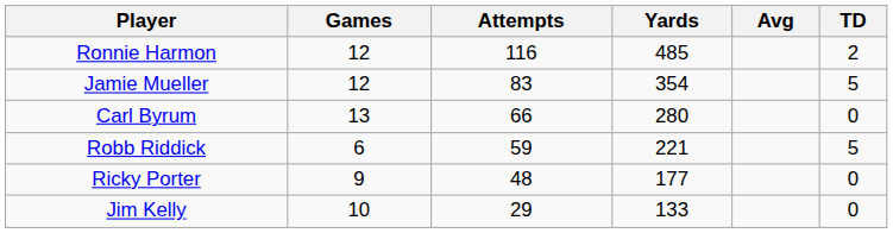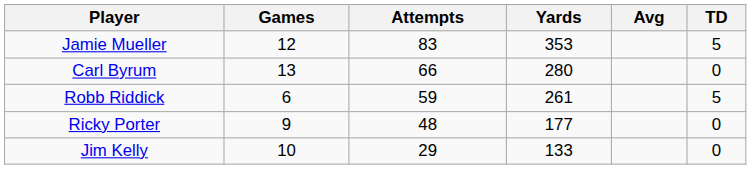 <table class="wikitable" style="width:80%;">
 <tr>
 <th>Player</th>
 <th>Games</th>
 <th>Attempts</th>
 <th>Yards</th>
 <th>Avg</th>
 <th>TD</th>
 </tr>
 <tr style="text-align:center;" bgcolor="">
-<td><a href='#'>Ronnie Harmon</a></td>
-<td>12</td>
-<td>116</td>
-<td>485</td>
-<td></td>
-<td>2</td>
-</tr>
-<tr style="text-align:center;" bgcolor="">
 <td><a href='#'>Jamie Mueller</a></td>
 <td>12</td>
 <td>83</td>
-<td>354</td>
+<td>353</td>
 <td></td>
 <td>5</td>
 </tr>
 <tr style="text-align:center;" bgcolor="">
 <td><a href='#'>Carl Byrum</a></td>
 <td>13</td>
 <td>66</td>
 <td>280</td>
 <td></td>
 <td>0</td>
 </tr>
 <tr style="text-align:center;" bgcolor="">
 <td><a href='#'>Robb Riddick</a></td>
 <td>6</td>
 <td>59</td>
-<td>221</td>
+<td>261</td>
 <td></td>
 <td>5</td>
 </tr>
 <tr style="text-align:center;" bgcolor="">
 <td><a href='#'>Ricky Porter</a></td>
 <td>9</td>
 <td>48</td>
 <td>177</td>
 <td></td>
 <td>0</td>
 </tr>
 <tr style="text-align:center;" bgcolor="">
 <td><a href='#'>Jim Kelly</a></td>
 <td>10</td>
 <td>29</td>
 <td>133</td>
 <td></td>
 <td>0</td>
 </tr>
 </table>
